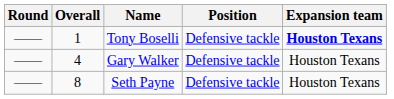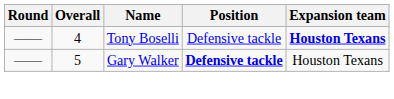 <table class="wikitable" style="text-align:center">
 <tr>
 <th>Round</th>
 <th>Overall</th>
 <th>Name</th>
 <th>Position</th>
 <th>Expansion team</th>
 </tr>
 <tr>
 <td>——</td>
-<td>1</td>
+<td>4</td>
 <td><a href='#'>Tony Boselli</a></td>
 <td><a href='#'>Defensive tackle</a></td>
 <td><strong><a href='#'>Houston Texans</a></strong></td>
 </tr>
 <tr>
 <td>——</td>
-<td>4</td>
+<td>5</td>
 <td><a href='#'>Gary Walker</a></td>
-<td><a href='#'>Defensive tackle</a></td>
-<td>Houston Texans</td>
-</tr>
-<tr>
-<td>——</td>
-<td>8</td>
-<td><a href='#'>Seth Payne</a></td>
-<td><a href='#'>Defensive tackle</a></td>
+<td><strong><a href='#'>Defensive tackle</a></strong></td>
 <td>Houston Texans</td>
 </tr>
 </table>
